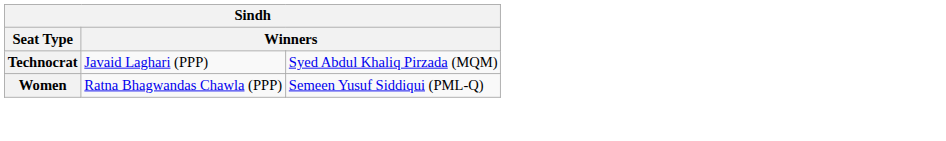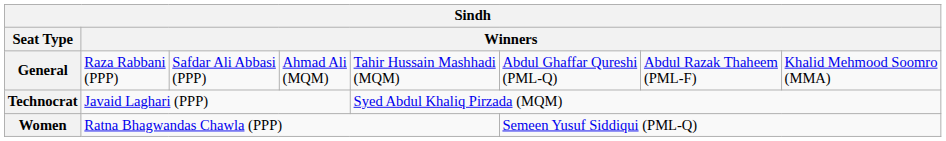 <table class="wikitable">
 <tr>
 <th colspan="8">Sindh</th>
 </tr>
 <tr>
 <th>Seat Type</th>
 <th colspan="7">Winners</th>
+</tr>
+<tr>
+<th>General</th>
+<td style="background:"><a href='#'>Raza Rabbani</a><br>(PPP)</td>
+<td style="background:"><a href='#'>Safdar Ali Abbasi</a><br>(PPP)</td>
+<td style="background:"><a href='#'>Ahmad Ali</a><br>(MQM)</td>
+<td style="background:"><a href='#'>Tahir Hussain Mashhadi</a><br>(MQM)</td>
+<td style="background:"><a href='#'>Abdul Ghaffar Qureshi</a><br>(PML-Q)</td>
+<td style="background:"><a href='#'>Abdul Razak Thaheem</a><br>(PML-F)</td>
+<td style="background:"><a href='#'>Khalid Mehmood Soomro</a><br>(MMA)</td>
 </tr>
 <tr>
 <th>Technocrat</th>
 <td colspan="3" style="background:"><a href='#'>Javaid Laghari</a> (PPP)</td>
 <td colspan="4" style="background:"><a href='#'>Syed Abdul Khaliq Pirzada</a> (MQM)</td>
 </tr>
 <tr>
 <th>Women</th>
 <td colspan="4" style="background:"><a href='#'>Ratna Bhagwandas Chawla</a> (PPP)</td>
 <td colspan="3" style="background:"><a href='#'>Semeen Yusuf Siddiqui</a> (PML-Q)</td>
 </tr>
 </table>
